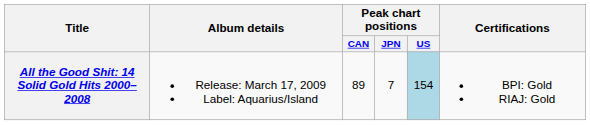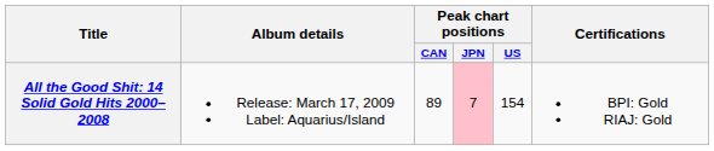 <table class="wikitable plainrowheaders" style="text-align:center;" border="1">
 <tr>
 <th scope="col" rowspan="2" style="width:12em;">Title</th>
 <th scope="col" rowspan="2" style="width:16em;">Album details</th>
 <th scope="col" colspan="3">Peak chart positions</th>
 <th scope="col" rowspan="2" style="width:12em;">Certifications</th>
 </tr>
 <tr>
 <th scope="col" style="width:2.8em;font-size:85%;"><a href='#'>CAN</a><br></th>
 <th scope="col" style="width:2.8em;font-size:85%;"><a href='#'>JPN</a><br></th>
 <th scope="col" style="width:2.8em;font-size:85%;"><a href='#'>US</a><br></th>
 </tr>
 <tr>
 <th scope="row"><em><a href='#'>All the Good Shit: 14 Solid Gold Hits 2000–2008</a></em></th>
 <td><br><ul><li>Release: March 17, 2009</li><li>Label: Aquarius/Island</li></ul></td>
 <td>89</td>
-<td>7</td>
-<td style="background: lightblue;">154</td>
+<td style="background: pink;">7</td>
+<td>154</td>
 <td><br><ul><li>BPI: Gold</li><li>RIAJ: Gold</li></ul></td>
 </tr>
 </table>
